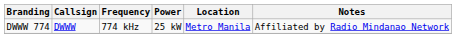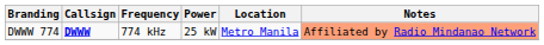 <table class="wikitable">
 <tr>
 <th>Branding</th>
 <th>Callsign</th>
 <th>Frequency</th>
 <th>Power</th>
 <th>Location</th>
 <th>Notes</th>
 </tr>
 <tr>
 <td>DWWW 774</td>
-<td><a href='#'>DWWW</a></td>
+<td><strong><a href='#'>DWWW</a></strong></td>
 <td>774 kHz</td>
 <td>25 kW</td>
 <td><a href='#'>Metro Manila</a></td>
-<td>Affiliated by <a href='#'>Radio Mindanao Network</a></td>
+<td style="background: lightsalmon;">Affiliated by <a href='#'>Radio Mindanao Network</a></td>
 </tr>
 <tr>
 </tr>
 </table>
